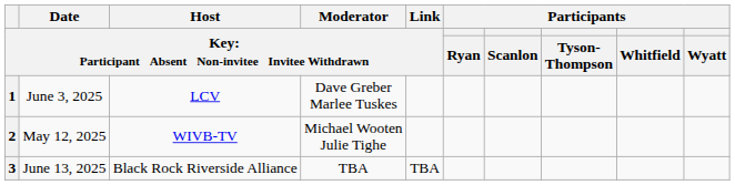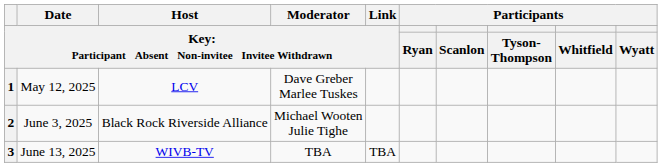 <table class="wikitable" style="text-align:center;">
 <tr>
 <th scope="col"></th>
 <th scope="col">Date</th>
 <th scope="col">Host</th>
 <th scope="col">Moderator</th>
 <th scope="col">Link</th>
 <th scope="col" colspan="10">Participants</th>
 </tr>
 <tr>
 <th colspan="5" rowspan="2">Key:<br> <small>Participant  </small>  <small>Absent  </small>  <small>Non-invitee  </small>  <small>Invitee  Withdrawn</small></th>
 <th scope="col" style="background:"></th>
 <th scope="col" style="background:"></th>
 <th scope="col" style="background:"></th>
 <th scope="col" style="background:"></th>
 <th scope="col" style="background:"></th>
 </tr>
 <tr>
 <th scope="col">Ryan</th>
 <th scope="col">Scanlon</th>
 <th scope="col">Tyson-<br>Thompson</th>
 <th scope="col">Whitfield</th>
 <th scope="col">Wyatt</th>
 </tr>
 <tr>
 <th scope="row">1</th>
-<td style="white-space:nowrap;">June 3, 2025</td>
+<td style="white-space:nowrap;">May 12, 2025</td>
 <td style="white-space:nowrap;"><a href='#'>LCV</a></td>
 <td style="white-space:nowrap;">Dave Greber<br>Marlee Tuskes</td>
 <td style="white-space:nowrap;"></td>
 <td></td>
 <td></td>
 <td></td>
 <td></td>
 <td></td>
 </tr>
 <tr>
 <th scope="row">2</th>
-<td style="white-space:nowrap;">May 12, 2025</td>
-<td style="white-space:nowrap;"><a href='#'>WIVB-TV</a></td>
+<td style="white-space:nowrap;">June 3, 2025</td>
+<td style="white-space:nowrap;">Black Rock Riverside Alliance</td>
 <td style="white-space:nowrap;">Michael Wooten<br>Julie Tighe</td>
 <td style="white-space:nowrap;"></td>
 <td></td>
 <td></td>
 <td></td>
 <td></td>
 <td></td>
 </tr>
 <tr>
 <th scope="row">3</th>
 <td style="white-space:nowrap;">June 13, 2025</td>
-<td style="white-space:nowrap;">Black Rock Riverside Alliance</td>
+<td style="white-space:nowrap;"><a href='#'>WIVB-TV</a></td>
 <td style="white-space:nowrap;">TBA</td>
 <td style="white-space:nowrap;">TBA</td>
 <td></td>
 <td></td>
 <td></td>
 <td></td>
 <td></td>
 </tr>
 </table>
